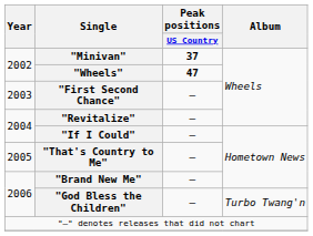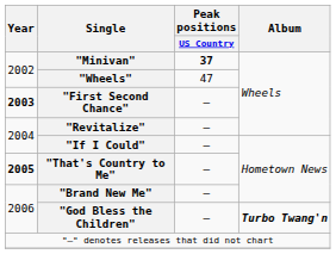 <table class="wikitable plainrowheaders" style="text-align:center;">
 <tr>
 <th rowspan="2">Year</th>
 <th rowspan="2" style="width:12em;">Single</th>
 <th colspan="1">Peak positions</th>
 <th rowspan="2">Album</th>
 </tr>
 <tr style="font-size:smaller;">
 <th width="50"><a href='#'>US Country</a><br></th>
 </tr>
 <tr>
 <td rowspan="2">2002</td>
 <th scope="row">"Minivan"</th>
 <td><strong>37</strong></td>
 <td align="left" rowspan="4"><em>Wheels</em></td>
 </tr>
 <tr>
 <th scope="row">"Wheels"</th>
-<td><strong>47</strong></td>
+<td>47</td>
 </tr>
 <tr>
-<td>2003</td>
+<td><strong>2003</strong></td>
 <th scope="row">"First Second Chance"</th>
 <td>—</td>
 </tr>
 <tr>
 <td rowspan="2">2004</td>
 <th scope="row">"Revitalize"</th>
 <td>—</td>
 </tr>
 <tr>
 <th scope="row">"If I Could"</th>
 <td>—</td>
 <td align="left" rowspan="3"><em>Hometown News</em></td>
 </tr>
 <tr>
-<td>2005</td>
+<td><strong>2005</strong></td>
 <th scope="row">"That's Country to Me"</th>
 <td>—</td>
 </tr>
 <tr>
 <td rowspan=2>2006</td>
 <th scope="row">"Brand New Me"</th>
 <td>—</td>
 </tr>
 <tr>
 <th scope="row">"God Bless the Children" </th>
 <td>—</td>
-<td><em>Turbo Twang'n</em></td>
+<td><strong><em>Turbo Twang'n</em></strong></td>
 </tr>
 <tr>
 <td colspan="10" style="font-size:8pt">"—" denotes releases that did not chart</td>
 </tr>
 <tr>
 </tr>
 </table>
